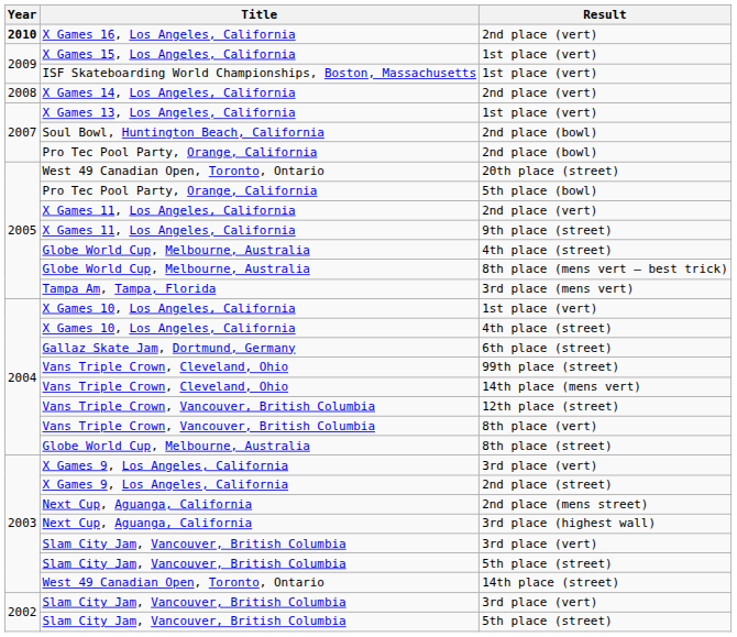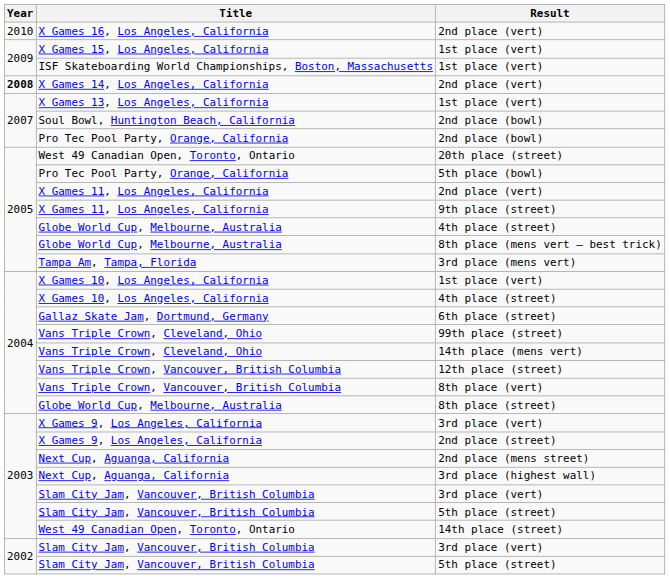 <table class="wikitable sortable">
 <tr>
 <th>Year</th>
 <th>Title</th>
 <th>Result</th>
 </tr>
 <tr>
-<td><strong>2010</strong></td>
+<td>2010</td>
 <td><a href='#'>X Games 16</a>, <a href='#'>Los Angeles, California</a></td>
 <td>2nd place (vert)</td>
 </tr>
 <tr>
 <td rowspan=2 style="text-align:center;">2009</td>
 <td><a href='#'>X Games 15</a>, <a href='#'>Los Angeles, California</a></td>
 <td>1st place (vert)</td>
 </tr>
 <tr>
 <td>ISF Skateboarding World Championships, <a href='#'>Boston, Massachusetts</a></td>
 <td>1st place (vert)</td>
 </tr>
 <tr>
-<td>2008</td>
+<td><strong>2008</strong></td>
 <td><a href='#'>X Games 14</a>, <a href='#'>Los Angeles, California</a></td>
 <td>2nd place (vert)</td>
 </tr>
 <tr>
 <td rowspan=3 style="text-align:center;">2007</td>
 <td><a href='#'>X Games 13</a>, <a href='#'>Los Angeles, California</a></td>
 <td>1st place (vert)</td>
 </tr>
 <tr>
 <td>Soul Bowl,  <a href='#'>Huntington Beach, California</a></td>
 <td>2nd place (bowl)</td>
 </tr>
 <tr>
 <td>Pro Tec Pool Party, <a href='#'>Orange, California</a></td>
 <td>2nd place (bowl)</td>
 </tr>
 <tr>
 <td rowspan=7 style="text-align:center;">2005</td>
 <td>West 49 Canadian Open, <a href='#'>Toronto</a>, Ontario</td>
 <td>20th place (street)</td>
 </tr>
 <tr>
 <td>Pro Tec Pool Party, <a href='#'>Orange, California</a></td>
 <td>5th place (bowl)</td>
 </tr>
 <tr>
 <td><a href='#'>X Games 11</a>, <a href='#'>Los Angeles, California</a></td>
 <td>2nd place (vert)</td>
 </tr>
 <tr>
 <td><a href='#'>X Games 11</a>, <a href='#'>Los Angeles, California</a></td>
 <td>9th place (street)</td>
 </tr>
 <tr>
 <td><a href='#'>Globe World Cup</a>, <a href='#'>Melbourne, Australia</a></td>
 <td>4th place (street)</td>
 </tr>
 <tr>
 <td><a href='#'>Globe World Cup</a>, <a href='#'>Melbourne, Australia</a></td>
 <td>8th place (mens vert – best trick)</td>
 </tr>
 <tr>
 <td><a href='#'>Tampa Am</a>, <a href='#'>Tampa, Florida</a></td>
 <td>3rd place (mens vert)</td>
 </tr>
 <tr>
 <td rowspan=8 style="text-align:center;">2004</td>
 <td><a href='#'>X Games 10</a>, <a href='#'>Los Angeles, California</a></td>
 <td>1st place (vert)</td>
 </tr>
 <tr>
 <td><a href='#'>X Games 10</a>, <a href='#'>Los Angeles, California</a></td>
 <td>4th place (street)</td>
 </tr>
 <tr>
 <td><a href='#'>Gallaz Skate Jam</a>, <a href='#'>Dortmund, Germany</a></td>
 <td>6th place (street)</td>
 </tr>
 <tr>
 <td><a href='#'>Vans Triple Crown</a>, <a href='#'>Cleveland, Ohio</a></td>
 <td>99th place (street)</td>
 </tr>
 <tr>
 <td><a href='#'>Vans Triple Crown</a>, <a href='#'>Cleveland, Ohio</a></td>
 <td>14th place (mens vert)</td>
 </tr>
 <tr>
 <td><a href='#'>Vans Triple Crown</a>, <a href='#'>Vancouver, British Columbia</a></td>
 <td>12th place (street)</td>
 </tr>
 <tr>
 <td><a href='#'>Vans Triple Crown</a>, <a href='#'>Vancouver, British Columbia</a></td>
 <td>8th place (vert)</td>
 </tr>
 <tr>
 <td><a href='#'>Globe World Cup</a>, <a href='#'>Melbourne, Australia</a></td>
 <td>8th place (street)</td>
 </tr>
 <tr>
 <td rowspan=7 style="text-align:center;">2003</td>
 <td><a href='#'>X Games 9</a>, <a href='#'>Los Angeles, California</a></td>
 <td>3rd place (vert)</td>
 </tr>
 <tr>
 <td><a href='#'>X Games 9</a>, <a href='#'>Los Angeles, California</a></td>
 <td>2nd place (street)</td>
 </tr>
 <tr>
 <td><a href='#'>Next Cup</a>, <a href='#'>Aguanga, California</a></td>
 <td>2nd place (mens street)</td>
 </tr>
 <tr>
 <td><a href='#'>Next Cup</a>, <a href='#'>Aguanga, California</a></td>
 <td>3rd place (highest wall)</td>
 </tr>
 <tr>
 <td><a href='#'>Slam City Jam</a>, <a href='#'>Vancouver, British Columbia</a></td>
 <td>3rd place (vert)</td>
 </tr>
 <tr>
 <td><a href='#'>Slam City Jam</a>, <a href='#'>Vancouver, British Columbia</a></td>
 <td>5th place (street)</td>
 </tr>
 <tr>
 <td><a href='#'>West 49 Canadian Open</a>, <a href='#'>Toronto</a>, Ontario</td>
 <td>14th place (street)</td>
 </tr>
 <tr>
 <td rowspan=2 style="text-align:center;">2002</td>
 <td><a href='#'>Slam City Jam</a>, <a href='#'>Vancouver, British Columbia</a></td>
 <td>3rd place (vert)</td>
 </tr>
 <tr>
 <td><a href='#'>Slam City Jam</a>, <a href='#'>Vancouver, British Columbia</a></td>
 <td>5th place (street)</td>
 </tr>
 </table>
